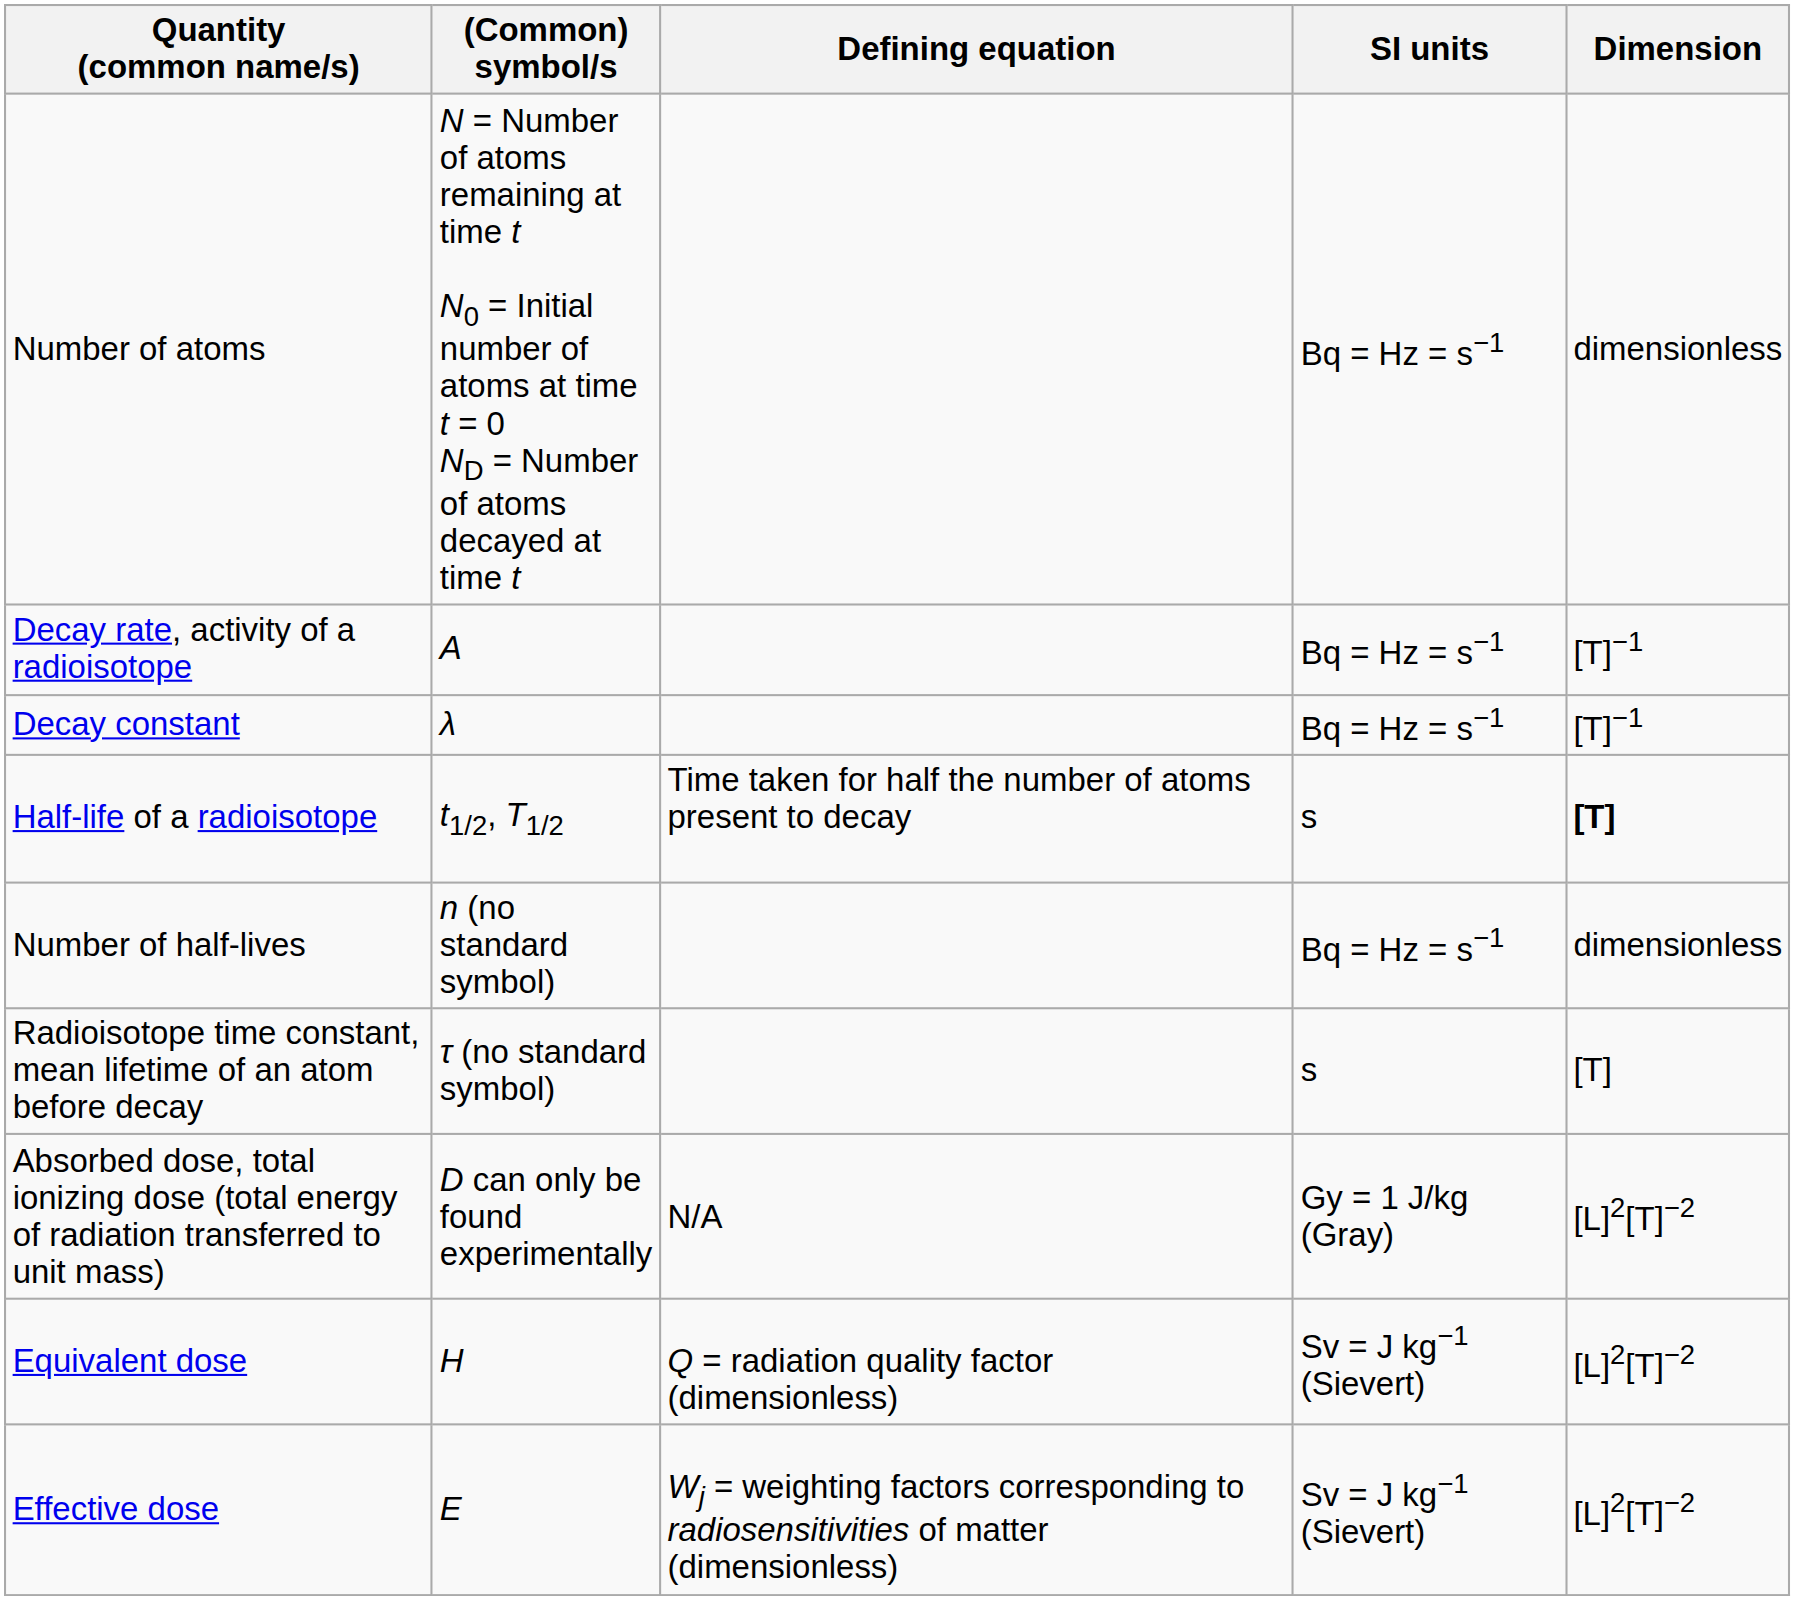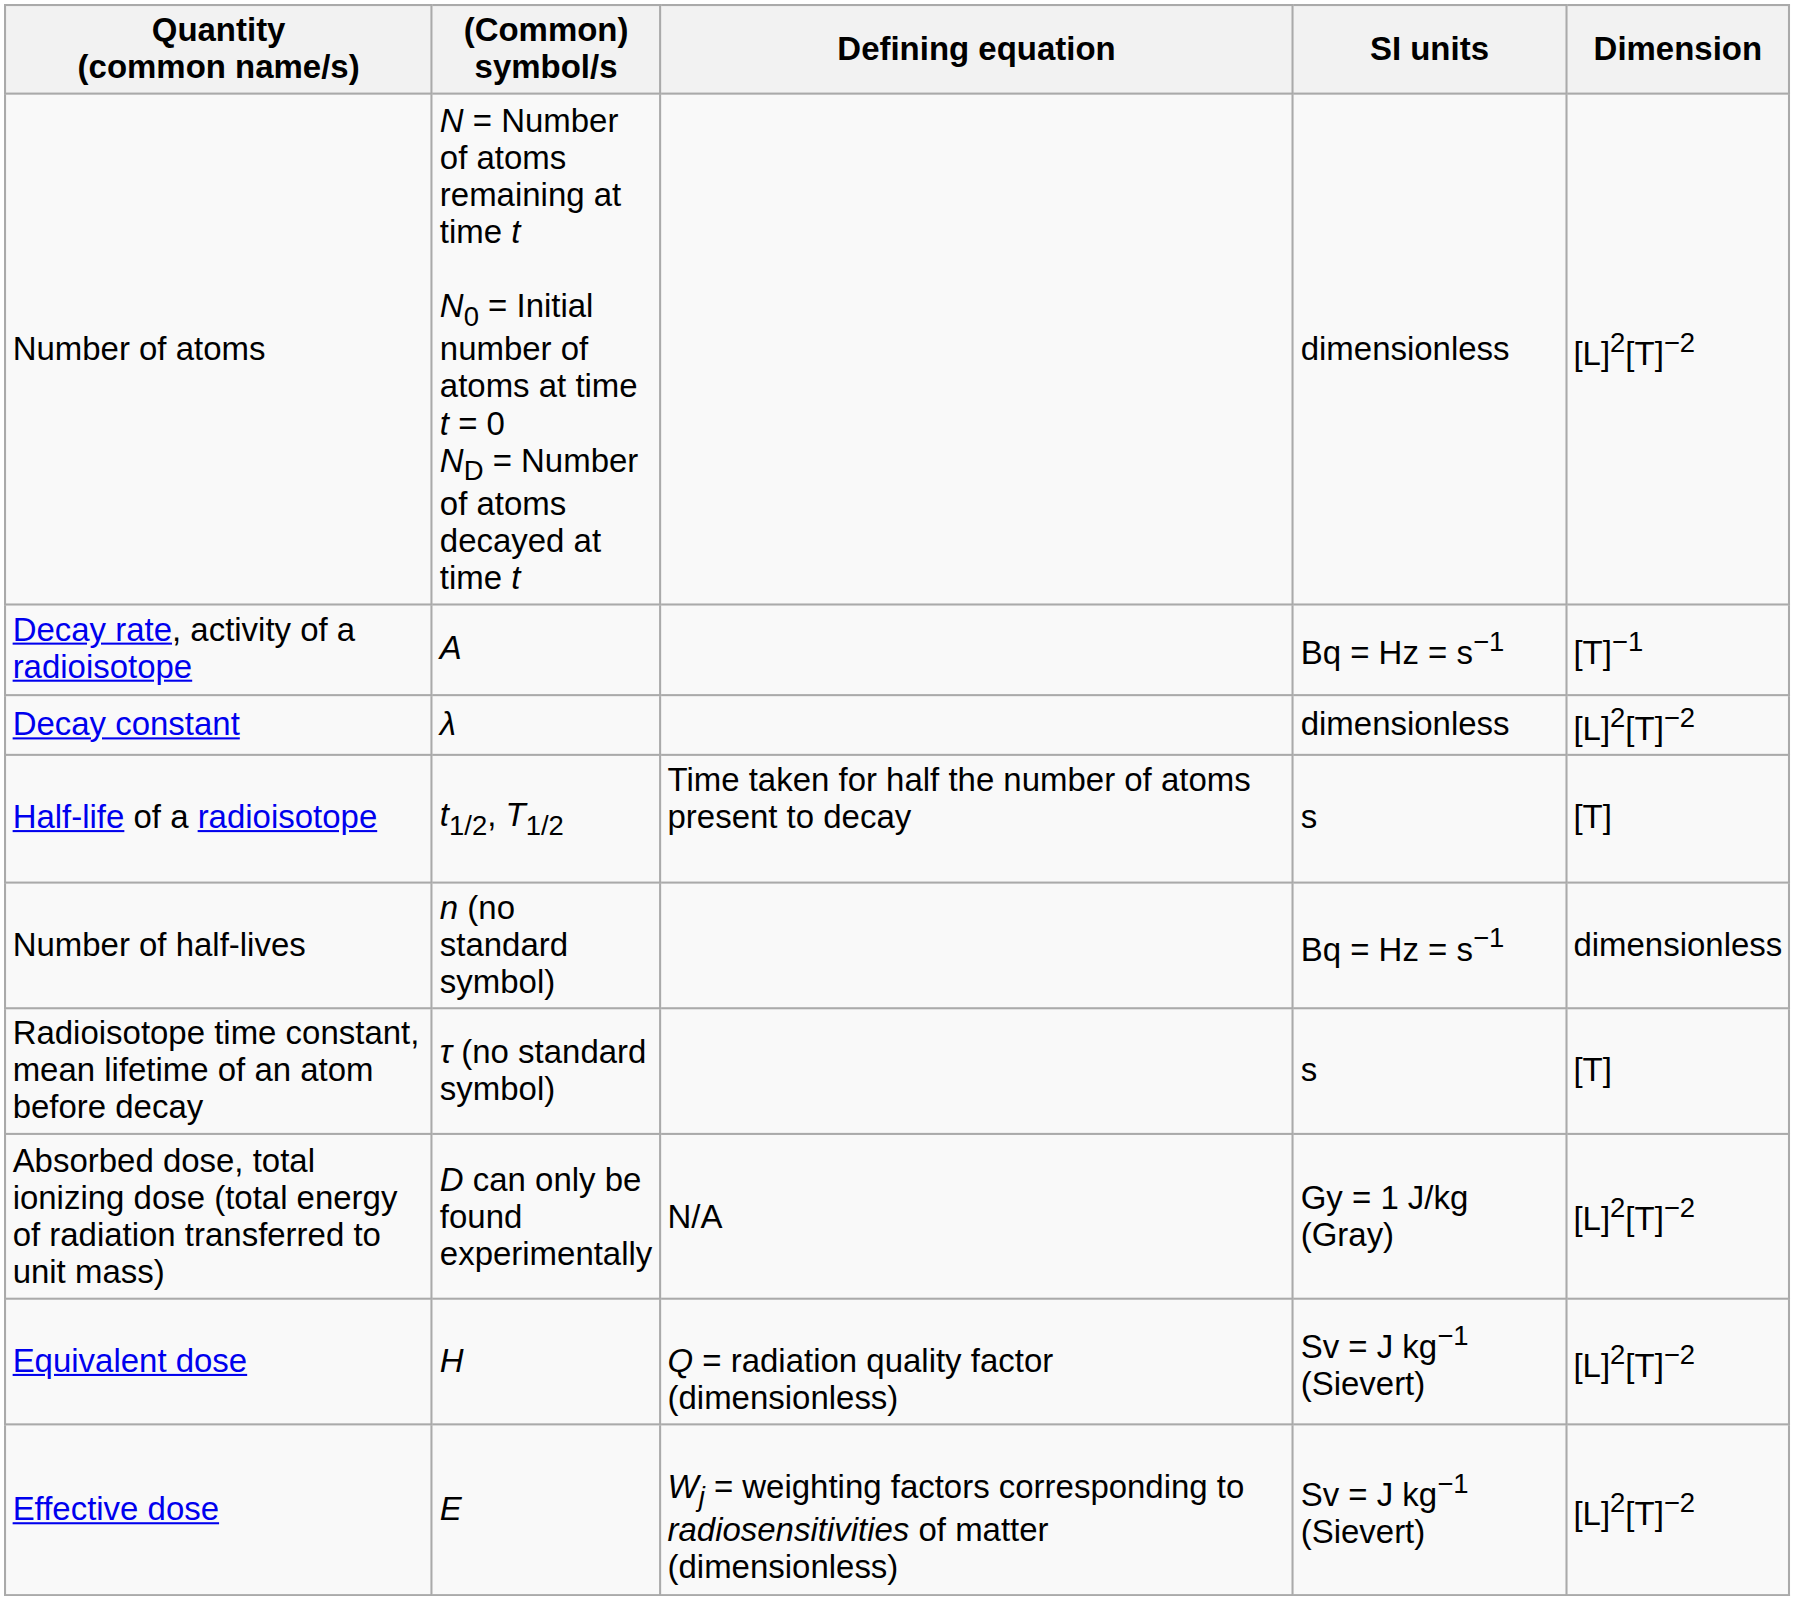 <table class="wikitable">
 <tr>
 <th scope="col" width="200">Quantity<br>(common name/s)</th>
 <th scope="col" width="100">(Common) symbol/s</th>
 <th scope="col" width="300">Defining equation</th>
 <th scope="col" width="125">SI units</th>
 <th scope="col" width="100">Dimension</th>
 </tr>
 <tr>
 <td>Number of atoms</td>
 <td><em>N</em> = Number of atoms remaining at time <em>t</em><br><br><em>N</em><sub>0</sub> = Initial number of atoms at time <em>t</em> = 0<br> <em>N</em><sub>D</sub> = Number of atoms decayed at time <em>t</em> <br></td>
 <td></td>
-<td>Bq = Hz = s<sup>−1</sup></td>
 <td>dimensionless</td>
+<td>[L]<sup>2</sup>[T]<sup>−2</sup></td>
 </tr>
 <tr>
 <td><a href='#'>Decay rate</a>, activity of a <a href='#'>radioisotope</a></td>
 <td><em>A</em></td>
 <td></td>
 <td>Bq = Hz = s<sup>−1</sup></td>
 <td>[T]<sup>−1</sup></td>
 </tr>
 <tr>
 <td><a href='#'>Decay constant</a></td>
 <td><em>λ</em></td>
 <td></td>
-<td>Bq = Hz = s<sup>−1</sup></td>
-<td>[T]<sup>−1</sup></td>
+<td>dimensionless</td>
+<td>[L]<sup>2</sup>[T]<sup>−2</sup></td>
 </tr>
 <tr>
 <td><a href='#'>Half-life</a> of a <a href='#'>radioisotope</a></td>
 <td><em>t</em><sub>1/2</sub>, <em>T</em><sub>1/2</sub></td>
 <td>Time taken for half the number of atoms present to decay<br><br></td>
 <td>s</td>
-<td><strong>[T]</strong></td>
+<td>[T]</td>
 </tr>
 <tr>
 <td>Number of half-lives</td>
 <td><em>n</em> (no standard symbol)</td>
 <td></td>
 <td>Bq = Hz = s<sup>−1</sup></td>
 <td>dimensionless</td>
 </tr>
 <tr>
 <td>Radioisotope time constant, mean lifetime of an atom before decay</td>
 <td><em>τ</em> (no standard symbol)</td>
 <td></td>
 <td>s</td>
 <td>[T]</td>
 </tr>
 <tr>
 <td>Absorbed dose, total ionizing dose (total energy of radiation transferred to unit mass)</td>
 <td><em>D</em> can only be found experimentally</td>
 <td>N/A</td>
 <td>Gy = 1 J/kg (Gray)</td>
 <td>[L]<sup>2</sup>[T]<sup>−2</sup></td>
 </tr>
 <tr>
 <td><a href='#'>Equivalent dose</a></td>
 <td><em>H</em></td>
 <td><br><em>Q</em> = radiation quality factor (dimensionless)</td>
 <td>Sv = J kg<sup>−1</sup> (Sievert)</td>
 <td>[L]<sup>2</sup>[T]<sup>−2</sup></td>
 </tr>
 <tr>
 <td><a href='#'>Effective dose</a></td>
 <td><em>E</em></td>
 <td><br><em>W<sub>j</sub></em> = weighting factors corresponding to <em>radiosensitivities</em> of matter (dimensionless)<br></td>
 <td>Sv = J kg<sup>−1</sup> (Sievert)</td>
 <td>[L]<sup>2</sup>[T]<sup>−2</sup></td>
 </tr>
 <tr>
 </tr>
 </table>
